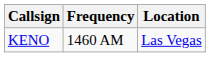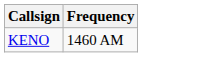 <table class="wikitable">
 <tr>
 <th>Callsign</th>
 <th>Frequency</th>
-<th>Location</th>
 </tr>
 <tr>
 <td><a href='#'>KENO</a></td>
 <td>1460 AM</td>
-<td><a href='#'>Las Vegas</a></td>
 </tr>
 </table>
